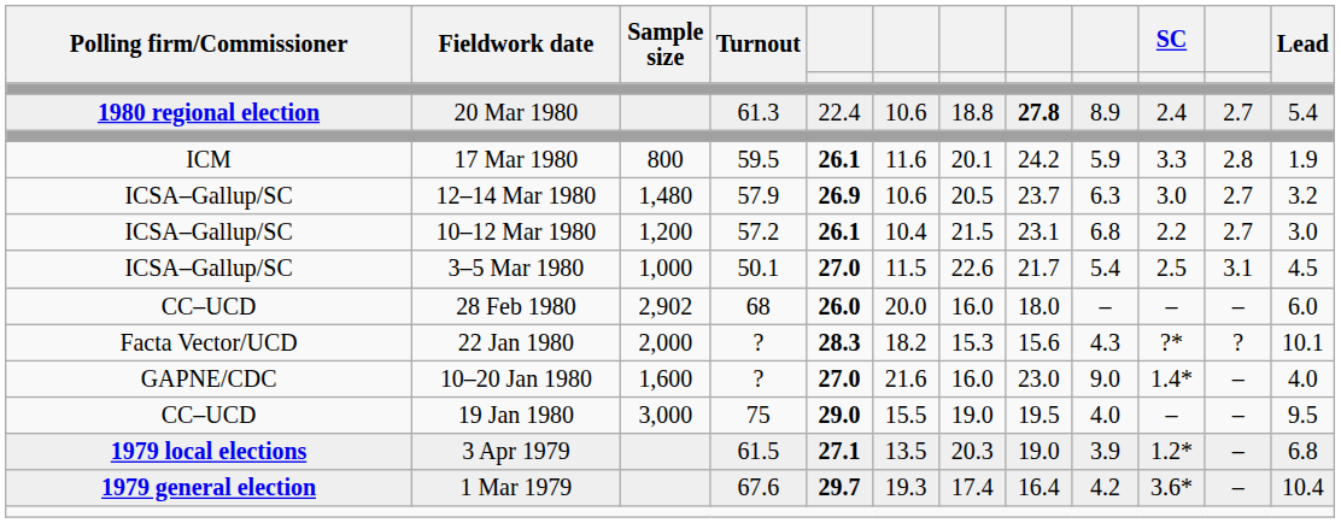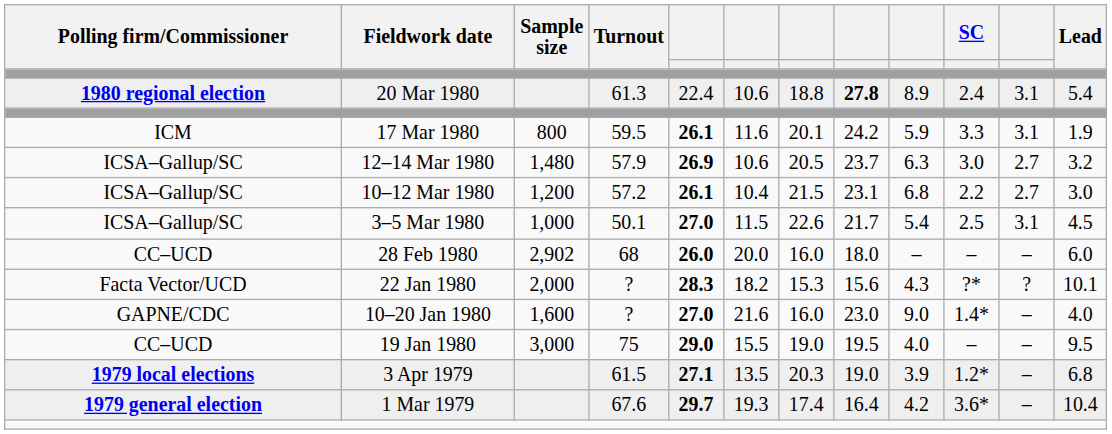 <table class="wikitable collapsible collapsed" style="text-align:center; font-size:95%; line-height:16px;">
 <tr style="height:42px;">
 <th style="width:250px;" rowspan="2">Polling firm/Commissioner</th>
 <th style="width:125px;" rowspan="2">Fieldwork date</th>
 <th style="width:50px;" rowspan="2">Sample size</th>
 <th style="width:45px;" rowspan="2">Turnout</th>
 <th style="width:35px;"></th>
 <th style="width:35px;"></th>
 <th style="width:35px;"></th>
 <th style="width:35px;"></th>
 <th style="width:35px;"></th>
 <th style="width:35px;"><a href='#'>SC</a></th>
 <th style="width:35px;"></th>
 <th style="width:30px;" rowspan="2">Lead</th>
 </tr>
 <tr>
 <th style="color:inherit;background:"></th>
 <th style="color:inherit;background:"></th>
 <th style="color:inherit;background:"></th>
 <th style="color:inherit;background:"></th>
 <th style="color:inherit;background:"></th>
 <th style="color:inherit;background:"></th>
 <th style="color:inherit;background:"></th>
 </tr>
 <tr>
 <td colspan="12" style="background:#A0A0A0"></td>
 </tr>
 <tr style="background:#EFEFEF;">
 <td><strong><a href='#'>1980 regional election</a></strong></td>
 <td>20 Mar 1980</td>
 <td></td>
 <td>61.3</td>
 <td>22.4<br></td>
 <td>10.6<br></td>
 <td>18.8<br></td>
 <td><strong>27.8</strong><br></td>
 <td>8.9<br></td>
 <td>2.4<br></td>
-<td>2.7<br></td>
+<td>3.1</td>
 <td style="background:">5.4</td>
 </tr>
 <tr>
 <td colspan="12" style="background:#A0A0A0"></td>
 </tr>
 <tr>
 <td>ICM</td>
 <td>17 Mar 1980</td>
 <td>800</td>
 <td>59.5</td>
 <td><strong>26.1</strong></td>
 <td>11.6</td>
 <td>20.1</td>
 <td>24.2</td>
 <td>5.9</td>
 <td>3.3</td>
-<td>2.8</td>
+<td>3.1</td>
 <td style="background:">1.9</td>
 </tr>
 <tr>
 <td>ICSA–Gallup/SC</td>
 <td>12–14 Mar 1980</td>
 <td>1,480</td>
 <td>57.9</td>
 <td><strong>26.9</strong></td>
 <td>10.6</td>
 <td>20.5</td>
 <td>23.7</td>
 <td>6.3</td>
 <td>3.0</td>
 <td>2.7</td>
 <td style="background:">3.2</td>
 </tr>
 <tr>
 <td>ICSA–Gallup/SC</td>
 <td>10–12 Mar 1980</td>
 <td>1,200</td>
 <td>57.2</td>
 <td><strong>26.1</strong></td>
 <td>10.4</td>
 <td>21.5</td>
 <td>23.1</td>
 <td>6.8</td>
 <td>2.2</td>
 <td>2.7</td>
 <td style="background:">3.0</td>
 </tr>
 <tr>
 <td>ICSA–Gallup/SC</td>
 <td>3–5 Mar 1980</td>
 <td>1,000</td>
 <td>50.1</td>
 <td><strong>27.0</strong></td>
 <td>11.5</td>
 <td>22.6</td>
 <td>21.7</td>
 <td>5.4</td>
 <td>2.5</td>
 <td>3.1</td>
 <td style="background:">4.5</td>
 </tr>
 <tr>
 <td>CC–UCD</td>
 <td>28 Feb 1980</td>
 <td>2,902</td>
 <td>68</td>
 <td><strong>26.0</strong></td>
 <td>20.0</td>
 <td>16.0</td>
 <td>18.0</td>
 <td>–</td>
 <td>–</td>
 <td>–</td>
 <td style="background:">6.0</td>
 </tr>
 <tr>
 <td>Facta Vector/UCD</td>
 <td>22 Jan 1980</td>
 <td>2,000</td>
 <td>?</td>
 <td><strong>28.3</strong><br></td>
 <td>18.2<br></td>
 <td>15.3<br></td>
 <td>15.6<br></td>
 <td>4.3<br></td>
 <td>?*<br></td>
 <td>?<br></td>
 <td style="background:">10.1</td>
 </tr>
 <tr>
 <td>GAPNE/CDC</td>
 <td>10–20 Jan 1980</td>
 <td>1,600</td>
 <td>?</td>
 <td><strong>27.0</strong></td>
 <td>21.6</td>
 <td>16.0</td>
 <td>23.0</td>
 <td>9.0</td>
 <td>1.4*</td>
 <td>–</td>
 <td style="background:">4.0</td>
 </tr>
 <tr>
 <td>CC–UCD</td>
 <td>19 Jan 1980</td>
 <td>3,000</td>
 <td>75</td>
 <td><strong>29.0</strong></td>
 <td>15.5</td>
 <td>19.0</td>
 <td>19.5</td>
 <td>4.0</td>
 <td>–</td>
 <td>–</td>
 <td style="background:">9.5</td>
 </tr>
 <tr style="background:#EFEFEF;">
 <td><strong><a href='#'>1979 local elections</a></strong></td>
 <td>3 Apr 1979</td>
 <td></td>
 <td>61.5</td>
 <td><strong>27.1</strong></td>
 <td>13.5</td>
 <td>20.3</td>
 <td>19.0</td>
 <td>3.9</td>
 <td>1.2*</td>
 <td>–</td>
 <td style="background:">6.8</td>
 </tr>
 <tr style="background:#EFEFEF;">
 <td><strong><a href='#'>1979 general election</a></strong></td>
 <td>1 Mar 1979</td>
 <td></td>
 <td>67.6</td>
 <td><strong>29.7</strong><br></td>
 <td>19.3<br></td>
 <td>17.4<br></td>
 <td>16.4<br></td>
 <td>4.2<br></td>
 <td>3.6*<br></td>
 <td>–</td>
 <td style="background:">10.4</td>
 </tr>
 <tr>
 <td align="left" colspan="12"></td>
 </tr>
 </table>
